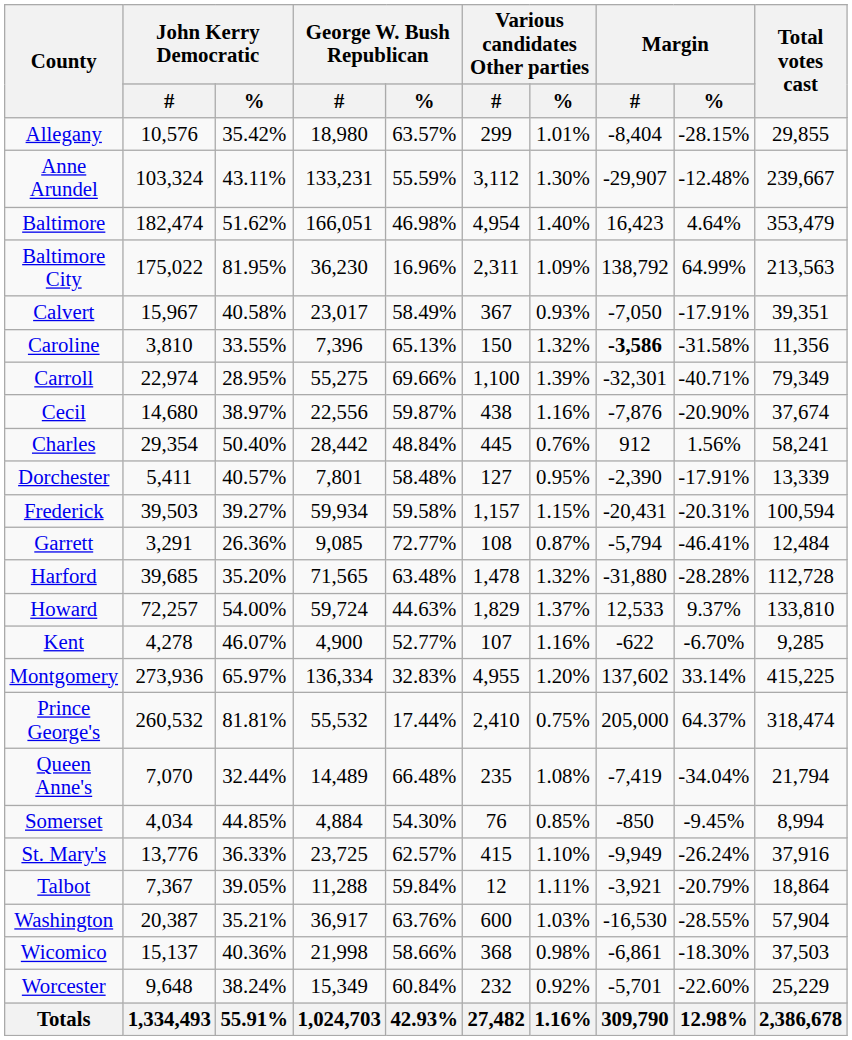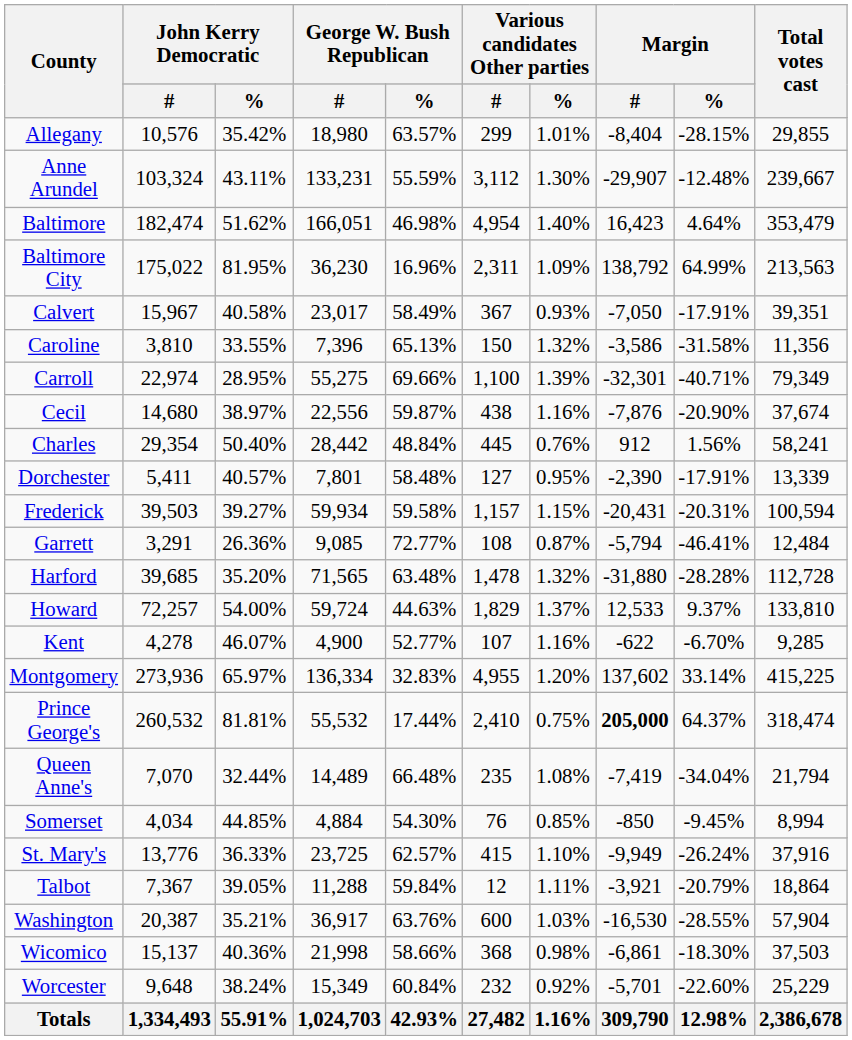 <table style="width:60%;" class="wikitable sortable">
 <tr>
 <th rowspan="2">County</th>
 <th colspan="2">John Kerry<br>Democratic</th>
 <th colspan="2">George W. Bush<br>Republican</th>
 <th colspan="2">Various candidates<br>Other parties</th>
 <th colspan="2">Margin</th>
 <th rowspan="2">Total votes cast</th>
 </tr>
 <tr style="text-align:center; background:lightgrey;">
 <th style="text-align:center;" data-sort-type="number">#</th>
 <th style="text-align:center;" data-sort-type="number">%</th>
 <th style="text-align:center;" data-sort-type="number">#</th>
 <th style="text-align:center;" data-sort-type="number">%</th>
 <th style="text-align:center;" data-sort-type="number">#</th>
 <th style="text-align:center;" data-sort-type="number">%</th>
 <th style="text-align:center;" data-sort-type="number">#</th>
 <th style="text-align:center;" data-sort-type="number">%</th>
 </tr>
 <tr style="text-align:center;">
 <td><a href='#'>Allegany</a></td>
 <td>10,576</td>
 <td>35.42%</td>
 <td>18,980</td>
 <td>63.57%</td>
 <td>299</td>
 <td>1.01%</td>
 <td>-8,404</td>
 <td>-28.15%</td>
 <td>29,855</td>
 </tr>
 <tr style="text-align:center;">
 <td><a href='#'>Anne Arundel</a></td>
 <td>103,324</td>
 <td>43.11%</td>
 <td>133,231</td>
 <td>55.59%</td>
 <td>3,112</td>
 <td>1.30%</td>
 <td>-29,907</td>
 <td>-12.48%</td>
 <td>239,667</td>
 </tr>
 <tr style="text-align:center;">
 <td><a href='#'>Baltimore</a></td>
 <td>182,474</td>
 <td>51.62%</td>
 <td>166,051</td>
 <td>46.98%</td>
 <td>4,954</td>
 <td>1.40%</td>
 <td>16,423</td>
 <td>4.64%</td>
 <td>353,479</td>
 </tr>
 <tr style="text-align:center;">
 <td><a href='#'>Baltimore City</a></td>
 <td>175,022</td>
 <td>81.95%</td>
 <td>36,230</td>
 <td>16.96%</td>
 <td>2,311</td>
 <td>1.09%</td>
 <td>138,792</td>
 <td>64.99%</td>
 <td>213,563</td>
 </tr>
 <tr style="text-align:center;">
 <td><a href='#'>Calvert</a></td>
 <td>15,967</td>
 <td>40.58%</td>
 <td>23,017</td>
 <td>58.49%</td>
 <td>367</td>
 <td>0.93%</td>
 <td>-7,050</td>
 <td>-17.91%</td>
 <td>39,351</td>
 </tr>
 <tr style="text-align:center;">
 <td><a href='#'>Caroline</a></td>
 <td>3,810</td>
 <td>33.55%</td>
 <td>7,396</td>
 <td>65.13%</td>
 <td>150</td>
 <td>1.32%</td>
-<td><strong>-3,586</strong></td>
+<td>-3,586</td>
 <td>-31.58%</td>
 <td>11,356</td>
 </tr>
 <tr style="text-align:center;">
 <td><a href='#'>Carroll</a></td>
 <td>22,974</td>
 <td>28.95%</td>
 <td>55,275</td>
 <td>69.66%</td>
 <td>1,100</td>
 <td>1.39%</td>
 <td>-32,301</td>
 <td>-40.71%</td>
 <td>79,349</td>
 </tr>
 <tr style="text-align:center;">
 <td><a href='#'>Cecil</a></td>
 <td>14,680</td>
 <td>38.97%</td>
 <td>22,556</td>
 <td>59.87%</td>
 <td>438</td>
 <td>1.16%</td>
 <td>-7,876</td>
 <td>-20.90%</td>
 <td>37,674</td>
 </tr>
 <tr style="text-align:center;">
 <td><a href='#'>Charles</a></td>
 <td>29,354</td>
 <td>50.40%</td>
 <td>28,442</td>
 <td>48.84%</td>
 <td>445</td>
 <td>0.76%</td>
 <td>912</td>
 <td>1.56%</td>
 <td>58,241</td>
 </tr>
 <tr style="text-align:center;">
 <td><a href='#'>Dorchester</a></td>
 <td>5,411</td>
 <td>40.57%</td>
 <td>7,801</td>
 <td>58.48%</td>
 <td>127</td>
 <td>0.95%</td>
 <td>-2,390</td>
 <td>-17.91%</td>
 <td>13,339</td>
 </tr>
 <tr style="text-align:center;">
 <td><a href='#'>Frederick</a></td>
 <td>39,503</td>
 <td>39.27%</td>
 <td>59,934</td>
 <td>59.58%</td>
 <td>1,157</td>
 <td>1.15%</td>
 <td>-20,431</td>
 <td>-20.31%</td>
 <td>100,594</td>
 </tr>
 <tr style="text-align:center;">
 <td><a href='#'>Garrett</a></td>
 <td>3,291</td>
 <td>26.36%</td>
 <td>9,085</td>
 <td>72.77%</td>
 <td>108</td>
 <td>0.87%</td>
 <td>-5,794</td>
 <td>-46.41%</td>
 <td>12,484</td>
 </tr>
 <tr style="text-align:center;">
 <td><a href='#'>Harford</a></td>
 <td>39,685</td>
 <td>35.20%</td>
 <td>71,565</td>
 <td>63.48%</td>
 <td>1,478</td>
 <td>1.32%</td>
 <td>-31,880</td>
 <td>-28.28%</td>
 <td>112,728</td>
 </tr>
 <tr style="text-align:center;">
 <td><a href='#'>Howard</a></td>
 <td>72,257</td>
 <td>54.00%</td>
 <td>59,724</td>
 <td>44.63%</td>
 <td>1,829</td>
 <td>1.37%</td>
 <td>12,533</td>
 <td>9.37%</td>
 <td>133,810</td>
 </tr>
 <tr style="text-align:center;">
 <td><a href='#'>Kent</a></td>
 <td>4,278</td>
 <td>46.07%</td>
 <td>4,900</td>
 <td>52.77%</td>
 <td>107</td>
 <td>1.16%</td>
 <td>-622</td>
 <td>-6.70%</td>
 <td>9,285</td>
 </tr>
 <tr style="text-align:center;">
 <td><a href='#'>Montgomery</a></td>
 <td>273,936</td>
 <td>65.97%</td>
 <td>136,334</td>
 <td>32.83%</td>
 <td>4,955</td>
 <td>1.20%</td>
 <td>137,602</td>
 <td>33.14%</td>
 <td>415,225</td>
 </tr>
 <tr style="text-align:center;">
 <td><a href='#'>Prince George's</a></td>
 <td>260,532</td>
 <td>81.81%</td>
 <td>55,532</td>
 <td>17.44%</td>
 <td>2,410</td>
 <td>0.75%</td>
-<td>205,000</td>
+<td><strong>205,000</strong></td>
 <td>64.37%</td>
 <td>318,474</td>
 </tr>
 <tr style="text-align:center;">
 <td><a href='#'>Queen Anne's</a></td>
 <td>7,070</td>
 <td>32.44%</td>
 <td>14,489</td>
 <td>66.48%</td>
 <td>235</td>
 <td>1.08%</td>
 <td>-7,419</td>
 <td>-34.04%</td>
 <td>21,794</td>
 </tr>
 <tr style="text-align:center;">
 <td><a href='#'>Somerset</a></td>
 <td>4,034</td>
 <td>44.85%</td>
 <td>4,884</td>
 <td>54.30%</td>
 <td>76</td>
 <td>0.85%</td>
 <td>-850</td>
 <td>-9.45%</td>
 <td>8,994</td>
 </tr>
 <tr style="text-align:center;">
 <td><a href='#'>St. Mary's</a></td>
 <td>13,776</td>
 <td>36.33%</td>
 <td>23,725</td>
 <td>62.57%</td>
 <td>415</td>
 <td>1.10%</td>
 <td>-9,949</td>
 <td>-26.24%</td>
 <td>37,916</td>
 </tr>
 <tr style="text-align:center;">
 <td><a href='#'>Talbot</a></td>
 <td>7,367</td>
 <td>39.05%</td>
 <td>11,288</td>
 <td>59.84%</td>
 <td>12</td>
 <td>1.11%</td>
 <td>-3,921</td>
 <td>-20.79%</td>
 <td>18,864</td>
 </tr>
 <tr style="text-align:center;">
 <td><a href='#'>Washington</a></td>
 <td>20,387</td>
 <td>35.21%</td>
 <td>36,917</td>
 <td>63.76%</td>
 <td>600</td>
 <td>1.03%</td>
 <td>-16,530</td>
 <td>-28.55%</td>
 <td>57,904</td>
 </tr>
 <tr style="text-align:center;">
 <td><a href='#'>Wicomico</a></td>
 <td>15,137</td>
 <td>40.36%</td>
 <td>21,998</td>
 <td>58.66%</td>
 <td>368</td>
 <td>0.98%</td>
 <td>-6,861</td>
 <td>-18.30%</td>
 <td>37,503</td>
 </tr>
 <tr style="text-align:center;">
 <td><a href='#'>Worcester</a></td>
 <td>9,648</td>
 <td>38.24%</td>
 <td>15,349</td>
 <td>60.84%</td>
 <td>232</td>
 <td>0.92%</td>
 <td>-5,701</td>
 <td>-22.60%</td>
 <td>25,229</td>
 </tr>
 <tr style="text-align:center;">
 <th>Totals</th>
 <th>1,334,493</th>
 <th>55.91%</th>
 <th>1,024,703</th>
 <th>42.93%</th>
 <th>27,482</th>
 <th>1.16%</th>
 <th>309,790</th>
 <th>12.98%</th>
 <th>2,386,678</th>
 </tr>
 </table>
